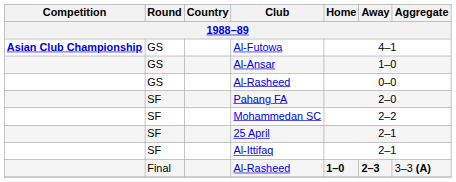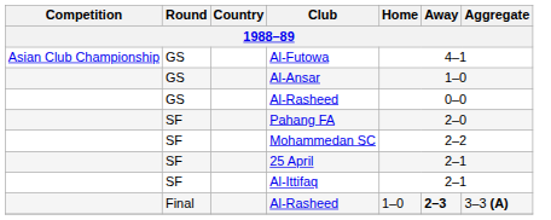 <table class="wikitable collapsible">
 <tr>
 <th>Competition</th>
 <th>Round</th>
 <th>Country</th>
 <th>Club</th>
 <th>Home</th>
 <th>Away</th>
 <th>Aggregate</th>
 </tr>
 <tr>
 <th colspan="8"><a href='#'>1988–89</a></th>
 </tr>
 <tr style="background:#FFFFFF;">
-<td><strong><a href='#'>Asian Club Championship</a></strong></td>
+<td><a href='#'>Asian Club Championship</a></td>
 <td>GS</td>
 <td></td>
 <td><a href='#'>Al-Futowa</a></td>
 <td colspan="3" align=center>4–1</td>
 </tr>
 <tr style="background:#F5F5F5;">
 <td></td>
 <td>GS</td>
 <td></td>
 <td><a href='#'>Al-Ansar</a></td>
 <td colspan="3" align=center>1–0</td>
 </tr>
 <tr style="background:#FFFFFF;">
 <td></td>
 <td>GS</td>
 <td></td>
 <td><a href='#'>Al-Rasheed</a></td>
 <td colspan="3" align=center>0–0</td>
 </tr>
 <tr style="background:#F5F5F5;">
 <td></td>
 <td>SF</td>
 <td></td>
 <td><a href='#'>Pahang FA</a></td>
 <td colspan="3" align=center>2–0</td>
 </tr>
 <tr style="background:#FFFFFF;">
 <td></td>
 <td>SF</td>
 <td></td>
 <td><a href='#'>Mohammedan SC</a></td>
 <td colspan="3" align=center>2–2</td>
 </tr>
 <tr style="background:#F5F5F5;">
 <td></td>
 <td>SF</td>
 <td></td>
 <td><a href='#'>25 April</a></td>
 <td colspan="3" align=center>2–1</td>
 </tr>
 <tr style="background:#FFFFFF;">
 <td></td>
 <td>SF</td>
 <td></td>
 <td><a href='#'>Al-Ittifaq</a></td>
 <td colspan="3" align=center>2–1</td>
 </tr>
 <tr style="background:#F5F5F5;">
 <td></td>
 <td>Final</td>
 <td></td>
 <td><a href='#'>Al-Rasheed</a></td>
-<td><strong>1–0</strong></td>
+<td>1–0</td>
 <td><strong>2–3</strong></td>
 <td>3–3 <strong>(A)</strong></td>
 </tr>
 <tr>
 </tr>
 </table>
